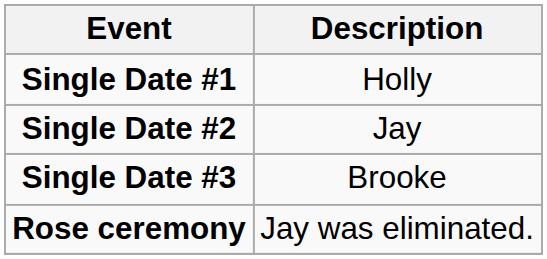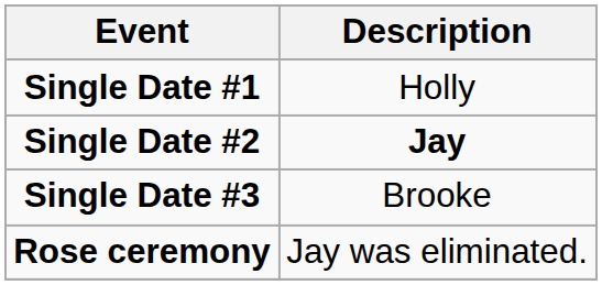 <table class="wikitable sortable" style="text-align:center;">
 <tr>
 <th>Event</th>
 <th>Description</th>
 </tr>
 <tr>
 <td><strong>Single Date #1</strong></td>
 <td>Holly</td>
 </tr>
 <tr>
 <td><strong>Single Date #2</strong></td>
-<td>Jay</td>
+<td><strong>Jay</strong></td>
 </tr>
 <tr>
 <td><strong>Single Date #3</strong></td>
 <td>Brooke</td>
 </tr>
 <tr>
 <td><strong>Rose ceremony</strong></td>
 <td>Jay was eliminated.</td>
 </tr>
 <tr>
 </tr>
 </table>
